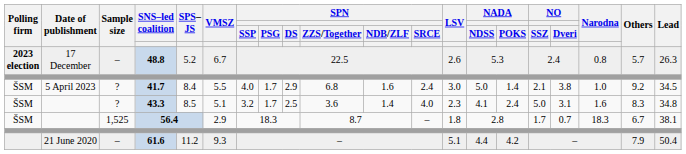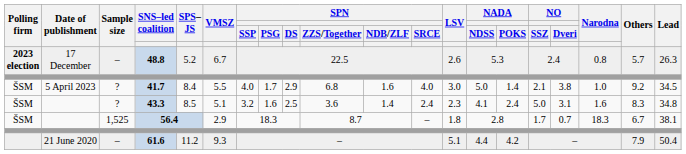 <table class="wikitable" style="text-align:center; font-size:85%; line-height:16px; margin-bottom:0">
 <tr>
 <th rowspan="4">Polling firm</th>
 <th rowspan="4">Date of publishment</th>
 <th rowspan="4">Sample size</th>
 <th rowspan="3"><a href='#'>SNS–led<br>coalition</a></th>
 <th rowspan="3"><a href='#'>SPS</a>–<a href='#'>JS</a></th>
 <th rowspan="3"><a href='#'>VMSZ</a></th>
 <th colspan="6"><a href='#'>SPN</a></th>
 <th rowspan="3"><a href='#'>LSV</a></th>
 <th colspan="2"><a href='#'>NADA</a></th>
 <th colspan="2"><a href='#'>NO</a></th>
 <th rowspan="3"><a href='#'>Narodna</a></th>
 <th rowspan="4">Others</th>
 <th rowspan="4">Lead</th>
 </tr>
 <tr>
 <th colspan="6" style="background:"></th>
 <th colspan="2" style="background:"></th>
 <th colspan="2" style="background:"></th>
 </tr>
 <tr>
 <th><a href='#'>SSP</a></th>
 <th><a href='#'>PSG</a></th>
 <th><a href='#'>DS</a></th>
 <th><a href='#'>ZZS</a>/<a href='#'>Together</a></th>
 <th><a href='#'>NDB</a>/<a href='#'>ZLF</a></th>
 <th><a href='#'>SRCE</a></th>
 <th><a href='#'>NDSS</a></th>
 <th><a href='#'>POKS</a></th>
 <th><a href='#'>SSZ</a></th>
 <th><a href='#'>Dveri</a></th>
 </tr>
 <tr>
 <th style="background:"></th>
 <th style="background:"></th>
 <th style="background:"></th>
 <th style="background:"></th>
 <th style="background:"></th>
 <th style="background:"></th>
 <th style="background:"></th>
 <th style="background:"></th>
 <th style="background:"></th>
 <th style="background:"></th>
 <th style="background:"></th>
 <th style="background:"></th>
 <th style="background:"></th>
 <th style="background:"></th>
 <th style="background:"></th>
 </tr>
 <tr style="background:#EFEFEF">
 <td><strong>2023 election</strong></td>
 <td>17 December</td>
 <td>–</td>
 <td style="background:#C8D9EC"><strong>48.8</strong></td>
 <td>5.2</td>
 <td>6.7</td>
 <td colspan="6">22.5</td>
 <td>2.6</td>
 <td colspan="2">5.3</td>
 <td colspan="2">2.4</td>
 <td>0.8</td>
 <td>5.7</td>
 <td style="background:">26.3</td>
 </tr>
 <tr>
 <td colspan="23" style="background:#A0A0A0"></td>
 </tr>
 <tr>
 <td>ŠSM</td>
 <td>5 April 2023</td>
 <td>?</td>
 <td style="background:#C8D9EC"><strong>41.7</strong></td>
 <td>8.4</td>
 <td>5.5</td>
 <td>4.0</td>
 <td>1.7</td>
 <td>2.9</td>
 <td>6.8</td>
 <td>1.6</td>
-<td>2.4</td>
+<td>4.0</td>
 <td>3.0</td>
 <td>5.0</td>
 <td>1.4</td>
 <td>2.1</td>
 <td>3.8</td>
 <td>1.0</td>
 <td>9.2</td>
 <td style="background:">34.5</td>
 </tr>
 <tr>
 <td>ŠSM</td>
 <td></td>
 <td>?</td>
 <td style="background:#C8D9EC"><strong>43.3</strong></td>
 <td>8.5</td>
 <td>5.1</td>
 <td>3.2</td>
-<td>1.7</td>
+<td>1.6</td>
 <td>2.5</td>
 <td>3.6</td>
 <td>1.4</td>
-<td>4.0</td>
+<td>2.4</td>
 <td>2.3</td>
 <td>4.1</td>
 <td>2.4</td>
 <td>5.0</td>
 <td>3.1</td>
 <td>1.6</td>
 <td>8.3</td>
 <td style="background:">34.8</td>
 </tr>
 <tr>
 <td>ŠSM</td>
 <td></td>
 <td>1,525</td>
 <td colspan="2" style="background:#C8D9EC"><strong>56.4</strong></td>
 <td>2.9</td>
 <td colspan="3">18.3</td>
 <td colspan="2">8.7</td>
 <td>–</td>
 <td>1.8</td>
 <td colspan="2">2.8</td>
 <td>1.7</td>
 <td>0.7</td>
 <td>18.3</td>
 <td>6.7</td>
 <td style="background:">38.1</td>
 </tr>
 <tr>
 <td colspan="20" style="background:#A0A0A0"></td>
 </tr>
 <tr style="background:#EFEFEF">
 <td></td>
 <td>21 June 2020</td>
 <td>–</td>
 <td style="background:#C8D9EC"><strong>61.6</strong></td>
 <td>11.2</td>
 <td>9.3</td>
 <td colspan="6">–</td>
 <td>5.1</td>
 <td>4.4</td>
 <td>4.2</td>
 <td colspan="3">–</td>
 <td>7.9</td>
 <td style="background:">50.4</td>
 </tr>
 </table>
